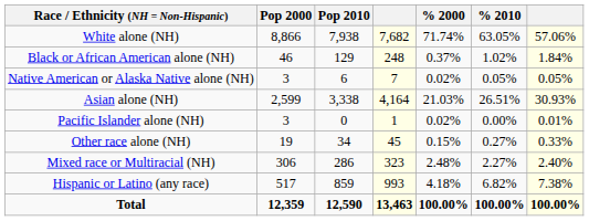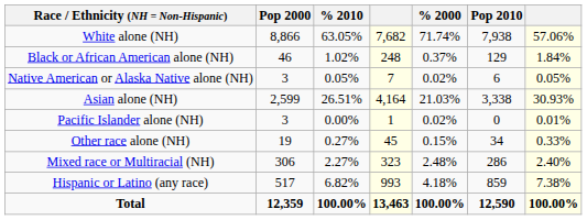 <table class="wikitable" style="text-align:center;">
 <tr>
 <th>Race / Ethnicity <small>(<em>NH = Non-Hispanic</em>)</small></th>
 <th>Pop 2000</th>
-<th>Pop 2010</th>
+<th>% 2010</th>
 <th></th>
 <th>% 2000</th>
-<th>% 2010</th>
+<th>Pop 2010</th>
 <th></th>
 </tr>
 <tr>
 <td><a href='#'>White</a> alone (NH)</td>
 <td>8,866</td>
-<td>7,938</td>
+<td>63.05%</td>
 <td style='background: #ffffe6;'>7,682</td>
 <td>71.74%</td>
-<td>63.05%</td>
+<td>7,938</td>
 <td style='background: #ffffe6;'>57.06%</td>
 </tr>
 <tr>
 <td><a href='#'>Black or African American</a> alone (NH)</td>
 <td>46</td>
-<td>129</td>
+<td>1.02%</td>
 <td style='background: #ffffe6;'>248</td>
 <td>0.37%</td>
-<td>1.02%</td>
+<td>129</td>
 <td style='background: #ffffe6;'>1.84%</td>
 </tr>
 <tr>
 <td><a href='#'>Native American</a> or <a href='#'>Alaska Native</a> alone (NH)</td>
 <td>3</td>
-<td>6</td>
+<td>0.05%</td>
 <td style='background: #ffffe6;'>7</td>
 <td>0.02%</td>
-<td>0.05%</td>
+<td>6</td>
 <td style='background: #ffffe6;'>0.05%</td>
 </tr>
 <tr>
 <td><a href='#'>Asian</a> alone (NH)</td>
 <td>2,599</td>
-<td>3,338</td>
+<td>26.51%</td>
 <td style='background: #ffffe6;'>4,164</td>
 <td>21.03%</td>
-<td>26.51%</td>
+<td>3,338</td>
 <td style='background: #ffffe6;'>30.93%</td>
 </tr>
 <tr>
 <td><a href='#'>Pacific Islander</a> alone (NH)</td>
 <td>3</td>
-<td>0</td>
+<td>0.00%</td>
 <td style='background: #ffffe6;'>1</td>
 <td>0.02%</td>
-<td>0.00%</td>
+<td>0</td>
 <td style='background: #ffffe6;'>0.01%</td>
 </tr>
 <tr>
 <td><a href='#'>Other race</a> alone (NH)</td>
 <td>19</td>
-<td>34</td>
+<td>0.27%</td>
 <td style='background: #ffffe6;'>45</td>
 <td>0.15%</td>
-<td>0.27%</td>
+<td>34</td>
 <td style='background: #ffffe6;'>0.33%</td>
 </tr>
 <tr>
 <td><a href='#'>Mixed race or Multiracial</a> (NH)</td>
 <td>306</td>
-<td>286</td>
+<td>2.27%</td>
 <td style='background: #ffffe6;'>323</td>
 <td>2.48%</td>
-<td>2.27%</td>
+<td>286</td>
 <td style='background: #ffffe6;'>2.40%</td>
 </tr>
 <tr>
 <td><a href='#'>Hispanic or Latino</a> (any race)</td>
 <td>517</td>
-<td>859</td>
+<td>6.82%</td>
 <td style='background: #ffffe6;'>993</td>
 <td>4.18%</td>
-<td>6.82%</td>
+<td>859</td>
 <td style='background: #ffffe6;'>7.38%</td>
 </tr>
 <tr>
 <td><strong>Total</strong></td>
 <td><strong>12,359</strong></td>
-<td><strong>12,590</strong></td>
+<td><strong>100.00%</strong></td>
 <td style='background: #ffffe6;'><strong>13,463</strong></td>
 <td><strong>100.00%</strong></td>
-<td><strong>100.00%</strong></td>
+<td><strong>12,590</strong></td>
 <td style='background: #ffffe6;'><strong>100.00%</strong></td>
 </tr>
 </table>
